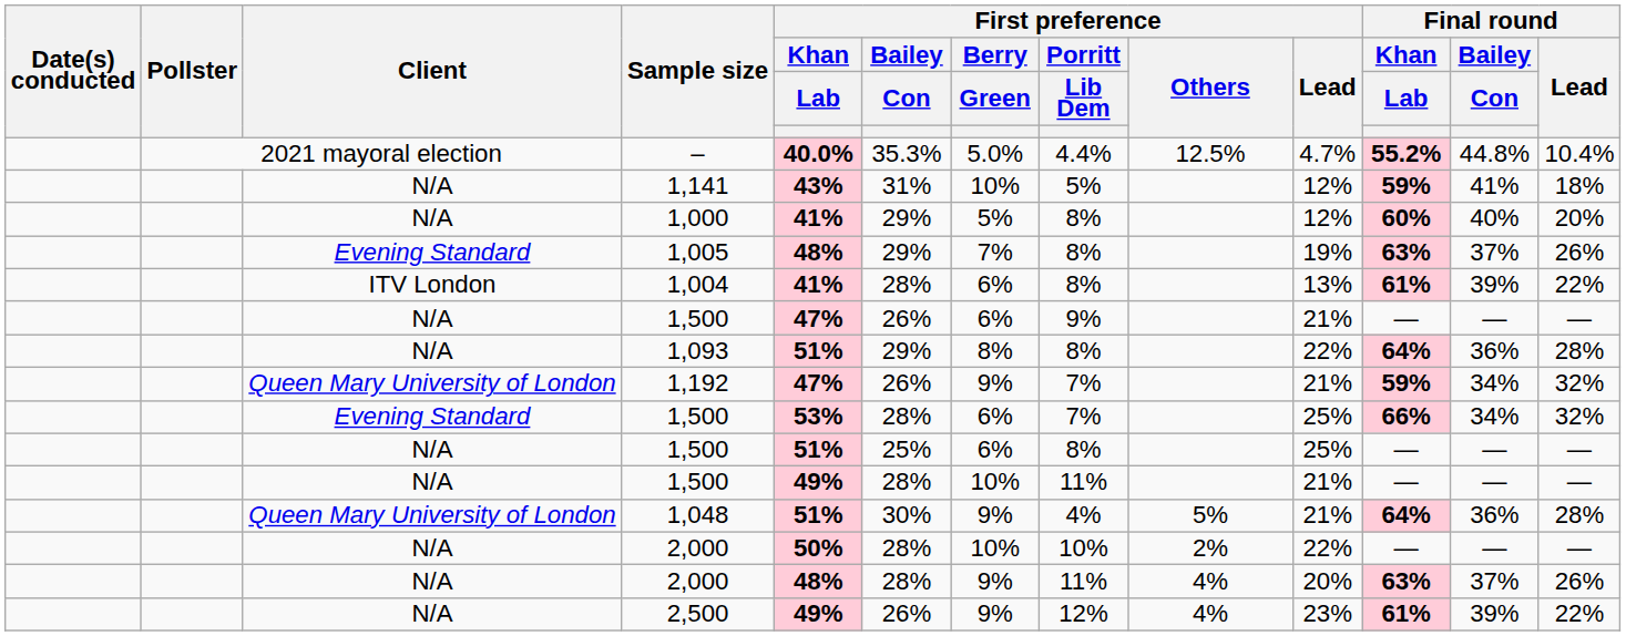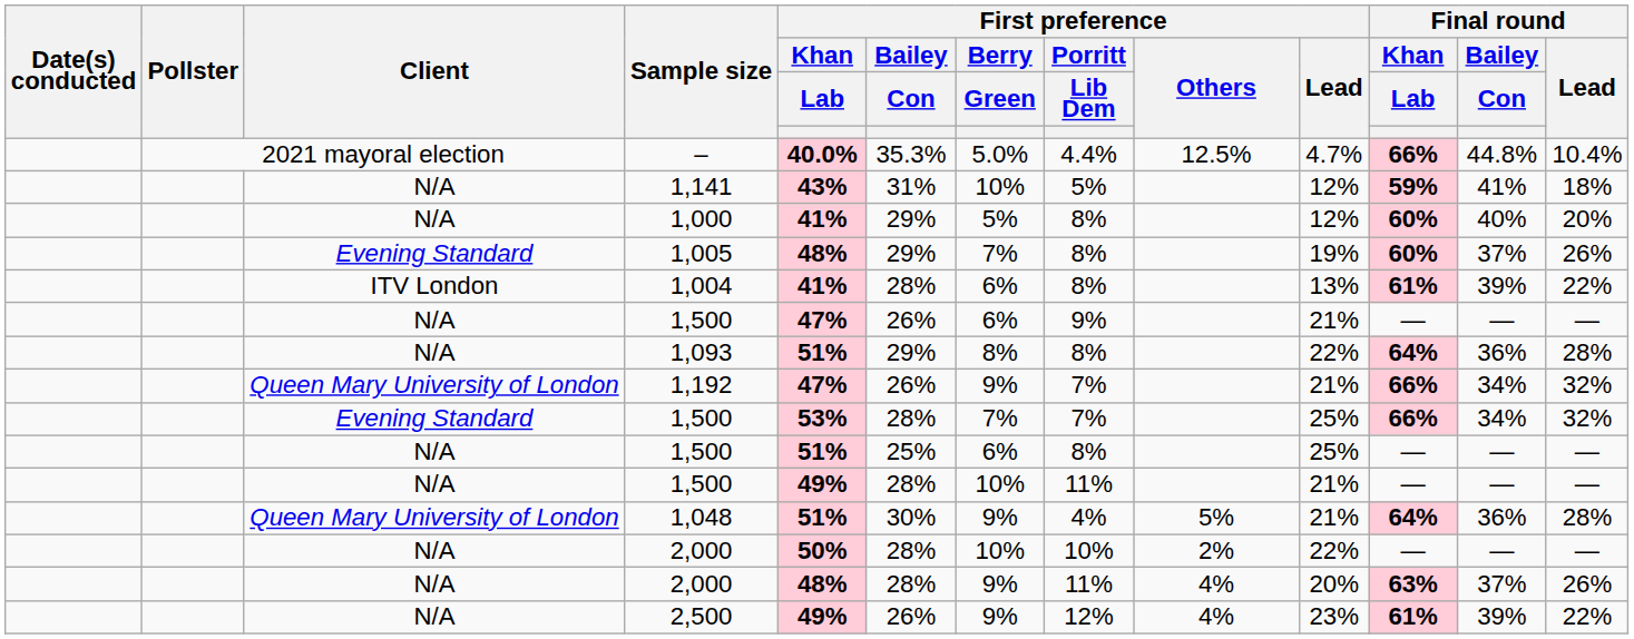 <table class="wikitable sortable mw-datatable" style="text-align:center;line-height:14px;">
 <tr>
 <th rowspan="4">Date(s)<br>conducted</th>
 <th rowspan="4">Pollster</th>
 <th rowspan="4">Client</th>
 <th rowspan="4">Sample size</th>
 <th colspan="6">First preference</th>
 <th colspan="3">Final round</th>
 </tr>
 <tr>
 <th style="width:50px;"><a href='#'>Khan</a></th>
 <th style="width:50px;"><a href='#'>Bailey</a></th>
 <th style="width:50px;"><a href='#'>Berry</a></th>
 <th style="width:50px;"><a href='#'>Porritt</a></th>
 <th rowspan="3" style="width:100px;"><a href='#'>Others</a></th>
 <th rowspan="3" data-sort-type="number">Lead</th>
 <th style="width:50px;"><a href='#'>Khan</a></th>
 <th style="width:50px;"><a href='#'>Bailey</a></th>
 <th rowspan="3" data-sort-type="number">Lead</th>
 </tr>
 <tr>
 <th><a href='#'>Lab</a></th>
 <th><a href='#'>Con</a></th>
 <th><a href='#'>Green</a></th>
 <th><a href='#'>Lib Dem</a></th>
 <th><a href='#'>Lab</a></th>
 <th><a href='#'>Con</a></th>
 </tr>
 <tr>
 <th data-sort-type="number" style="background:"></th>
 <th data-sort-type="number" style="background:"></th>
 <th data-sort-type="number" style="background:"></th>
 <th data-sort-type="number" style="background:"></th>
 <th data-sort-type="number" style="background:"></th>
 <th data-sort-type="number" style="background:"></th>
 </tr>
 <tr>
 <td></td>
 <td colspan="2">2021 mayoral election</td>
 <td>–</td>
 <td style="background:#FFCCD9;"><strong>40.0%</strong></td>
 <td>35.3%</td>
 <td>5.0%</td>
 <td>4.4%</td>
 <td>12.5%</td>
 <td style="background:">4.7%</td>
-<td style="background:#FFCCD9;"><strong>55.2%</strong></td>
+<td style="background:#FFCCD9;"><strong>66%</strong></td>
 <td>44.8%</td>
 <td style="background:">10.4%</td>
 </tr>
 <tr>
 <td></td>
 <td></td>
 <td>N/A</td>
 <td>1,141</td>
 <td style="background:#FFCCD9;"><strong>43%</strong></td>
 <td>31%</td>
 <td>10%</td>
 <td>5%</td>
 <td></td>
 <td style="background:">12%</td>
 <td style="background:#FFCCD9;"><strong>59%</strong></td>
 <td>41%</td>
 <td style="background:">18%</td>
 </tr>
 <tr>
 <td></td>
 <td> </td>
 <td>N/A</td>
 <td>1,000</td>
 <td style="background:#FFCCD9;"><strong>41%</strong></td>
 <td>29%</td>
 <td>5%</td>
 <td>8%</td>
 <td></td>
 <td style="background:">12%</td>
 <td style="background:#FFCCD9;"><strong>60%</strong></td>
 <td>40%</td>
 <td style="background:">20%</td>
 </tr>
 <tr>
 <td></td>
 <td></td>
 <td><em><a href='#'>Evening Standard</a></em></td>
 <td>1,005</td>
 <td style="background:#FFCCD9;"><strong>48%</strong></td>
 <td>29%</td>
 <td>7%</td>
 <td>8%</td>
 <td></td>
 <td style="background:">19%</td>
-<td style="background:#FFCCD9;"><strong>63%</strong></td>
+<td style="background:#FFCCD9;"><strong>60%</strong></td>
 <td>37%</td>
 <td style="background:">26%</td>
 </tr>
 <tr>
 <td></td>
 <td></td>
 <td>ITV London</td>
 <td>1,004</td>
 <td style="background:#FFCCD9;"><strong>41%</strong></td>
 <td>28%</td>
 <td>6%</td>
 <td>8%</td>
 <td></td>
 <td style="background:">13%</td>
 <td style="background:#FFCCD9;"><strong>61%</strong></td>
 <td>39%</td>
 <td style="background:">22%</td>
 </tr>
 <tr>
 <td></td>
 <td></td>
 <td>N/A</td>
 <td>1,500</td>
 <td style="background:#FFCCD9;"><strong>47%</strong></td>
 <td>26%</td>
 <td>6%</td>
 <td>9%</td>
 <td></td>
 <td style="background:">21%</td>
 <td>—</td>
 <td>—</td>
 <td>—</td>
 </tr>
 <tr>
 <td></td>
 <td></td>
 <td>N/A</td>
 <td>1,093</td>
 <td style="background:#FFCCD9;"><strong>51%</strong></td>
 <td>29%</td>
 <td>8%</td>
 <td>8%</td>
 <td></td>
 <td style="background:">22%</td>
 <td style="background:#FFCCD9;"><strong>64%</strong></td>
 <td>36%</td>
 <td style="background:">28%</td>
 </tr>
 <tr>
 <td></td>
 <td></td>
 <td><em><a href='#'>Queen Mary University of London</a></em></td>
 <td>1,192</td>
 <td style="background:#FFCCD9;"><strong>47%</strong></td>
 <td>26%</td>
 <td>9%</td>
 <td>7%</td>
 <td></td>
 <td style="background:">21%</td>
-<td style="background:#FFCCD9;"><strong>59%</strong></td>
+<td style="background:#FFCCD9;"><strong>66%</strong></td>
 <td>34%</td>
 <td style="background:">32%</td>
 </tr>
 <tr>
 <td></td>
 <td></td>
 <td><em><a href='#'>Evening Standard</a></em></td>
 <td>1,500</td>
 <td style="background:#FFCCD9;"><strong>53%</strong></td>
 <td>28%</td>
-<td>6%</td>
+<td>7%</td>
 <td>7%</td>
 <td></td>
 <td style="background:">25%</td>
 <td style="background:#FFCCD9;"><strong>66%</strong></td>
 <td>34%</td>
 <td style="background:">32%</td>
 </tr>
 <tr>
 <td></td>
 <td></td>
 <td>N/A</td>
 <td>1,500</td>
 <td style="background:#FFCCD9;"><strong>51%</strong></td>
 <td>25%</td>
 <td>6%</td>
 <td>8%</td>
 <td></td>
 <td style="background:">25%</td>
 <td>—</td>
 <td>—</td>
 <td>—</td>
 </tr>
 <tr>
 <td></td>
 <td></td>
 <td>N/A</td>
 <td>1,500</td>
 <td style="background:#FFCCD9;"><strong>49%</strong></td>
 <td>28%</td>
 <td>10%</td>
 <td>11%</td>
 <td></td>
 <td style="background:">21%</td>
 <td>—</td>
 <td>—</td>
 <td>—</td>
 </tr>
 <tr>
 <td></td>
 <td></td>
 <td><em><a href='#'>Queen Mary University of London</a></em></td>
 <td>1,048</td>
 <td style="background:#FFCCD9;"><strong>51%</strong></td>
 <td>30%</td>
 <td>9%</td>
 <td>4%</td>
 <td>5%</td>
 <td style="background:">21%</td>
 <td style="background:#FFCCD9;"><strong>64%</strong></td>
 <td>36%</td>
 <td style="background:">28%</td>
 </tr>
 <tr>
 <td></td>
 <td></td>
 <td>N/A</td>
 <td>2,000</td>
 <td style="background:#FFCCD9;"><strong>50%</strong></td>
 <td>28%</td>
 <td>10%</td>
 <td>10%</td>
 <td>2%</td>
 <td style="background:">22%</td>
 <td>—</td>
 <td>—</td>
 <td>—</td>
 </tr>
 <tr>
 <td></td>
 <td></td>
 <td>N/A</td>
 <td>2,000</td>
 <td style="background:#FFCCD9;"><strong>48%</strong></td>
 <td>28%</td>
 <td>9%</td>
 <td>11%</td>
 <td>4%</td>
 <td style="background:">20%</td>
 <td style="background:#FFCCD9;"><strong>63%</strong></td>
 <td>37%</td>
 <td style="background:">26%</td>
 </tr>
 <tr>
 <td></td>
 <td></td>
 <td>N/A</td>
 <td>2,500</td>
 <td style="background:#FFCCD9;"><strong>49%</strong></td>
 <td>26%</td>
 <td>9%</td>
 <td>12%</td>
 <td>4%</td>
 <td style="background:">23%</td>
 <td style="background:#FFCCD9;"><strong>61%</strong></td>
 <td>39%</td>
 <td style="background:">22%</td>
 </tr>
 </table>
